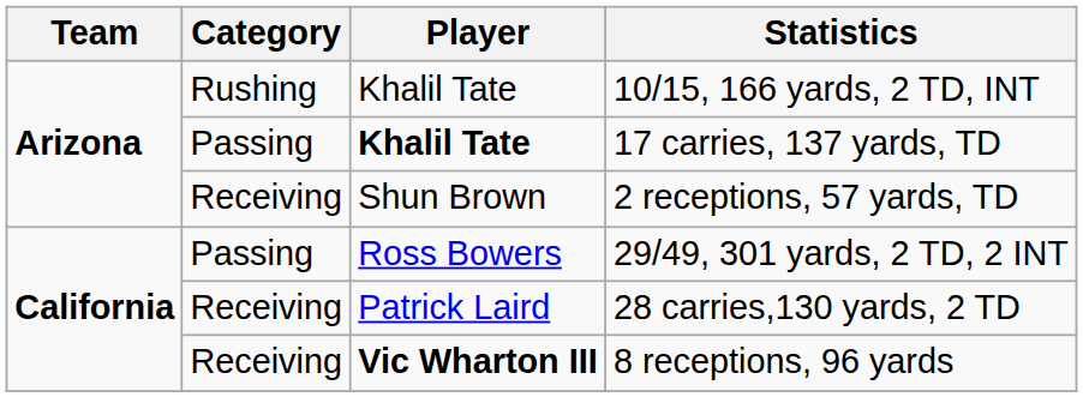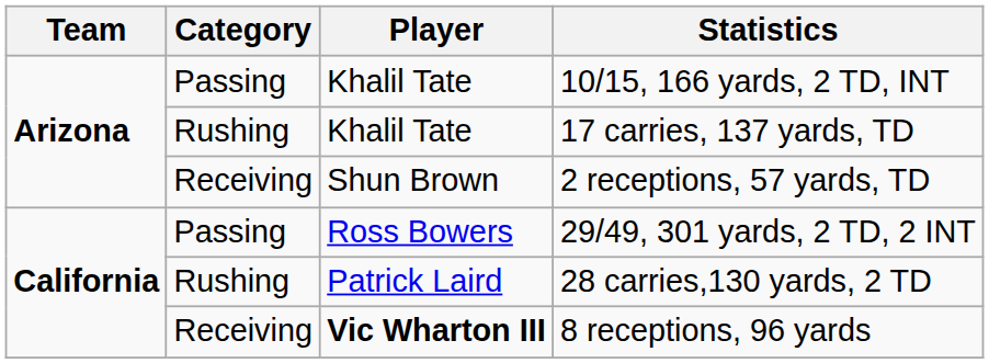 <table class="wikitable" style="float: right;">
 <tr>
 <th>Team</th>
 <th>Category</th>
 <th>Player</th>
 <th>Statistics</th>
 </tr>
 <tr>
 <td rowspan=3><strong>Arizona</strong></td>
-<td>Rushing</td>
+<td>Passing</td>
 <td>Khalil Tate</td>
 <td>10/15, 166 yards, 2 TD, INT</td>
 </tr>
 <tr>
-<td>Passing</td>
-<td><strong>Khalil Tate</strong></td>
+<td>Rushing</td>
+<td>Khalil Tate</td>
 <td>17 carries, 137 yards, TD</td>
 </tr>
 <tr>
 <td>Receiving</td>
 <td>Shun Brown</td>
 <td>2 receptions, 57 yards, TD</td>
 </tr>
 <tr>
 <td rowspan=3><strong>California</strong></td>
 <td>Passing</td>
 <td><a href='#'>Ross Bowers</a></td>
 <td>29/49, 301 yards, 2 TD, 2 INT</td>
 </tr>
 <tr>
-<td>Receiving</td>
+<td>Rushing</td>
 <td><a href='#'>Patrick Laird</a></td>
 <td>28 carries,130 yards, 2 TD</td>
 </tr>
 <tr>
 <td>Receiving</td>
 <td><strong>Vic Wharton III</strong></td>
 <td>8 receptions, 96 yards</td>
 </tr>
 </table>
